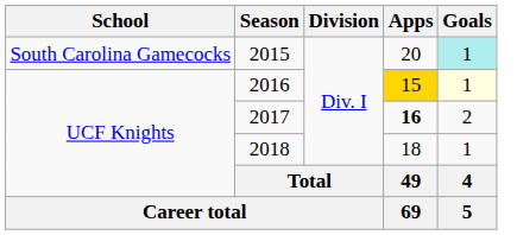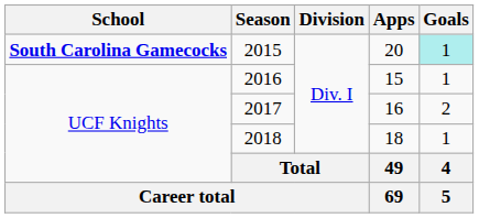 <table class="wikitable" style="text-align: center;">
 <tr>
 <th>School</th>
 <th>Season</th>
 <th>Division</th>
 <th>Apps</th>
 <th>Goals</th>
 </tr>
 <tr>
-<td><a href='#'>South Carolina Gamecocks</a></td>
+<td><strong><a href='#'>South Carolina Gamecocks</a></strong></td>
 <td>2015</td>
 <td rowspan="4"><a href='#'>Div. I</a></td>
 <td>20</td>
 <td style="background: paleturquoise;">1</td>
 </tr>
 <tr>
 <td rowspan="4"><a href='#'>UCF Knights</a></td>
 <td>2016</td>
-<td style="background: gold;">15</td>
-<td style="background: lightyellow;">1</td>
+<td>15</td>
+<td>1</td>
 </tr>
 <tr>
 <td>2017</td>
-<td><strong>16</strong></td>
+<td>16</td>
 <td>2</td>
 </tr>
 <tr>
 <td>2018</td>
 <td>18</td>
 <td>1</td>
 </tr>
 <tr>
 <th colspan="2">Total</th>
 <th>49</th>
 <th>4</th>
 </tr>
 <tr>
 <th colspan="3">Career total</th>
 <th>69</th>
 <th>5</th>
 </tr>
 </table>
